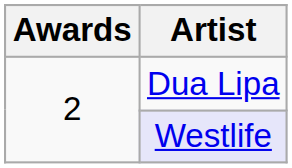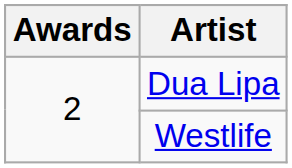 <table class="wikitable" rowspan="2" style="text-align:center;">
 <tr>
 <th scope="col" style="width:55px;">Awards</th>
 <th scope="col" style="text-align:center;">Artist</th>
 </tr>
 <tr>
 <td rowspan="2">2</td>
 <td><a href='#'>Dua Lipa</a></td>
 </tr>
 <tr>
-<td style="background: lavender;"><a href='#'>Westlife</a></td>
+<td><a href='#'>Westlife</a></td>
 </tr>
 </table>
